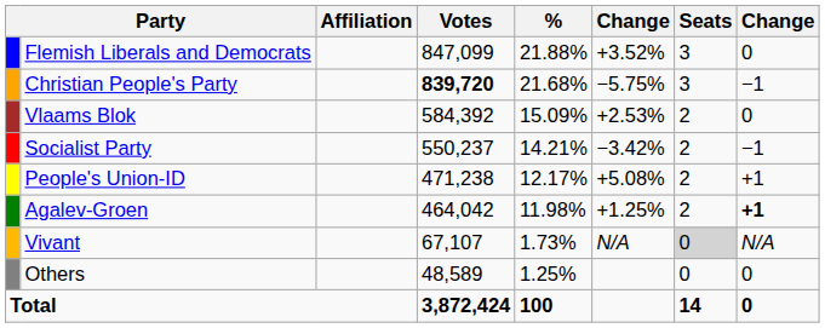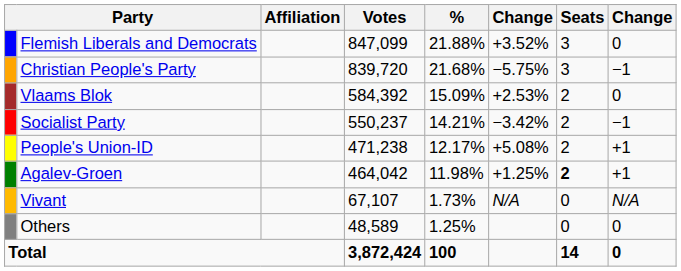 <table class="wikitable">
 <tr>
 <th colspan="2">Party</th>
 <th>Affiliation</th>
 <th>Votes</th>
 <th>%</th>
 <th>Change</th>
 <th>Seats</th>
 <th>Change</th>
 </tr>
 <tr>
 <td style="background-color:blue"> </td>
 <td style="text-align: left"><a href='#'>Flemish Liberals and Democrats</a></td>
 <td></td>
 <td>847,099</td>
 <td>21.88%</td>
 <td>+3.52%</td>
 <td>3</td>
 <td>0</td>
 </tr>
 <tr>
 <td style="background-color:orange"> </td>
 <td style="text-align: left"><a href='#'>Christian People's Party</a></td>
 <td></td>
-<td><strong>839,720</strong></td>
+<td>839,720</td>
 <td>21.68%</td>
 <td>−5.75%</td>
 <td>3</td>
 <td>−1</td>
 </tr>
 <tr>
 <td style="background-color:brown"> </td>
 <td style="text-align: left"><a href='#'>Vlaams Blok</a></td>
 <td></td>
 <td>584,392</td>
 <td>15.09%</td>
 <td>+2.53%</td>
 <td>2</td>
 <td>0</td>
 </tr>
 <tr>
 <td style="background-color:red"> </td>
 <td style="text-align: left"><a href='#'>Socialist Party</a></td>
 <td></td>
 <td>550,237</td>
 <td>14.21%</td>
 <td>−3.42%</td>
 <td>2</td>
 <td>−1</td>
 </tr>
 <tr>
 <td style="background-color:yellow"> </td>
 <td style="text-align: left"><a href='#'>People's Union-ID</a></td>
 <td></td>
 <td>471,238</td>
 <td>12.17%</td>
 <td>+5.08%</td>
 <td>2</td>
 <td>+1</td>
 </tr>
 <tr>
 <td style="background-color:green"> </td>
 <td style="text-align: left"><a href='#'>Agalev-Groen</a></td>
 <td></td>
 <td>464,042</td>
 <td>11.98%</td>
 <td>+1.25%</td>
-<td>2</td>
-<td><strong>+1</strong></td>
+<td><strong>2</strong></td>
+<td>+1</td>
 </tr>
 <tr>
 <td style="background-color:#FFBA00"> </td>
 <td style="text-align: left"><a href='#'>Vivant</a></td>
 <td></td>
 <td>67,107</td>
 <td>1.73%</td>
 <td><em>N/A</em></td>
-<td style="background: lightgrey;">0</td>
+<td>0</td>
 <td><em>N/A</em></td>
 </tr>
 <tr>
 <td style="background-color:grey"> </td>
 <td style="text-align: left">Others</td>
 <td></td>
 <td>48,589</td>
 <td>1.25%</td>
 <td></td>
 <td>0</td>
 <td>0</td>
 </tr>
 <tr>
 <td colspan="3"><strong>Total</strong></td>
 <td><strong>3,872,424</strong></td>
 <td><strong>100</strong></td>
 <td></td>
 <td><strong>14</strong></td>
 <td><strong>0</strong></td>
 </tr>
 </table>
